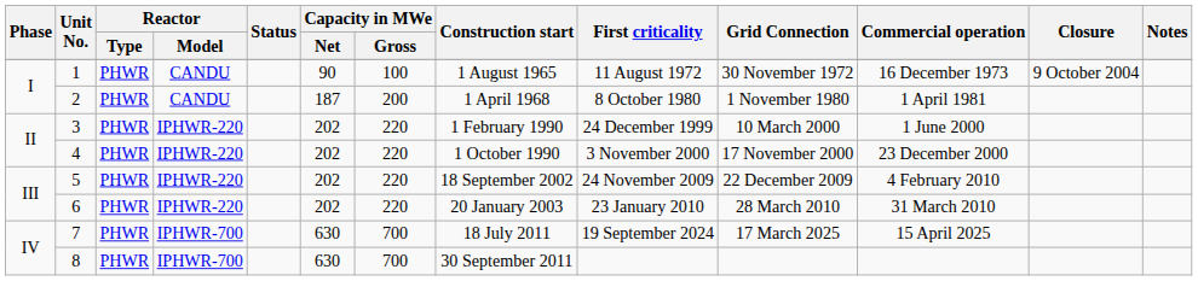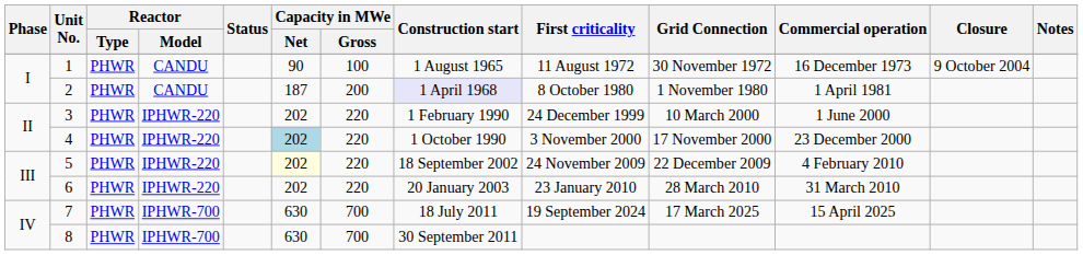 <table class="wikitable sortable mw-datatable">
 <tr>
 <th rowspan="2">Phase</th>
 <th rowspan="2">Unit<br>No.</th>
 <th colspan="2">Reactor</th>
 <th rowspan="2">Status</th>
 <th colspan="2">Capacity in MWe</th>
 <th rowspan="2">Construction start</th>
 <th rowspan="2">First <a href='#'>criticality</a></th>
 <th rowspan="2">Grid Connection</th>
 <th rowspan="2">Commercial operation</th>
 <th rowspan="2">Closure</th>
 <th rowspan="2">Notes</th>
 </tr>
 <tr>
 <th>Type</th>
 <th>Model</th>
 <th>Net</th>
 <th>Gross</th>
 </tr>
 <tr>
 </tr>
 <tr style="text-align:center;">
 <td rowspan="2">I</td>
 <td>1</td>
 <td><a href='#'>PHWR</a></td>
 <td><a href='#'>CANDU</a></td>
 <td></td>
 <td>90</td>
 <td>100</td>
 <td>1 August 1965</td>
 <td>11 August 1972</td>
 <td>30 November 1972</td>
 <td>16 December 1973</td>
 <td>9 October 2004</td>
 <td></td>
 </tr>
 <tr style="text-align:center;">
 <td>2</td>
 <td><a href='#'>PHWR</a></td>
 <td><a href='#'>CANDU</a></td>
 <td></td>
 <td>187</td>
 <td>200</td>
-<td>1 April 1968</td>
+<td style="background: lavender;">1 April 1968</td>
 <td>8 October 1980</td>
 <td>1 November 1980</td>
 <td>1 April 1981</td>
 <td></td>
 <td></td>
 </tr>
 <tr style="text-align:center;">
 <td rowspan="2">II</td>
 <td>3</td>
 <td><a href='#'>PHWR</a></td>
 <td><a href='#'>IPHWR-220</a></td>
 <td></td>
 <td>202</td>
 <td>220</td>
 <td>1 February 1990</td>
 <td>24 December 1999</td>
 <td>10 March 2000</td>
 <td>1 June 2000</td>
 <td></td>
 <td></td>
 </tr>
 <tr style="text-align:center;">
 <td>4</td>
 <td><a href='#'>PHWR</a></td>
 <td><a href='#'>IPHWR-220</a></td>
 <td></td>
-<td>202</td>
+<td style="background: lightblue;">202</td>
 <td>220</td>
 <td>1 October 1990</td>
 <td>3 November 2000</td>
 <td>17 November 2000</td>
 <td>23 December 2000</td>
 <td></td>
 <td></td>
 </tr>
 <tr style="text-align:center;">
 <td rowspan="2">III</td>
 <td>5</td>
 <td><a href='#'>PHWR</a></td>
 <td><a href='#'>IPHWR-220</a></td>
 <td></td>
-<td>202</td>
+<td style="background: lightyellow;">202</td>
 <td>220</td>
 <td>18 September 2002</td>
 <td>24 November 2009</td>
 <td>22 December 2009</td>
 <td>4 February 2010</td>
 <td></td>
 <td></td>
 </tr>
 <tr style="text-align:center;">
 <td>6</td>
 <td><a href='#'>PHWR</a></td>
 <td><a href='#'>IPHWR-220</a></td>
 <td></td>
 <td>202</td>
 <td>220</td>
 <td>20 January 2003</td>
 <td>23 January 2010</td>
 <td>28 March 2010</td>
 <td>31 March 2010</td>
 <td></td>
 <td></td>
 </tr>
 <tr style="text-align:center;">
 <td rowspan="2">IV</td>
 <td>7</td>
 <td><a href='#'>PHWR</a></td>
 <td><a href='#'>IPHWR-700</a></td>
 <td></td>
 <td>630</td>
 <td>700</td>
 <td>18 July 2011</td>
 <td>19 September 2024</td>
 <td>17 March 2025</td>
 <td>15 April 2025</td>
 <td></td>
 <td></td>
 </tr>
 <tr style="text-align:center;">
 <td>8</td>
 <td><a href='#'>PHWR</a></td>
 <td><a href='#'>IPHWR-700</a></td>
 <td></td>
 <td>630</td>
 <td>700</td>
 <td>30 September 2011</td>
 <td></td>
 <td></td>
 <td></td>
 <td></td>
 <td></td>
 </tr>
 </table>
